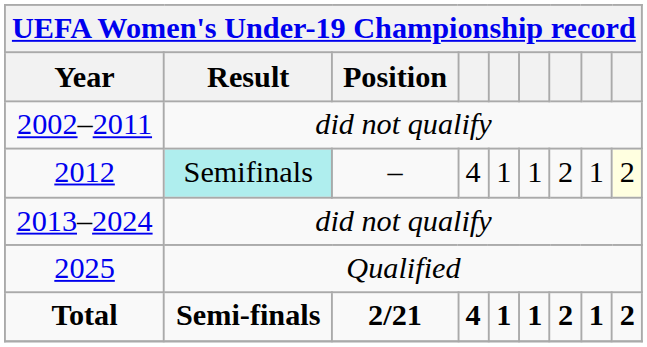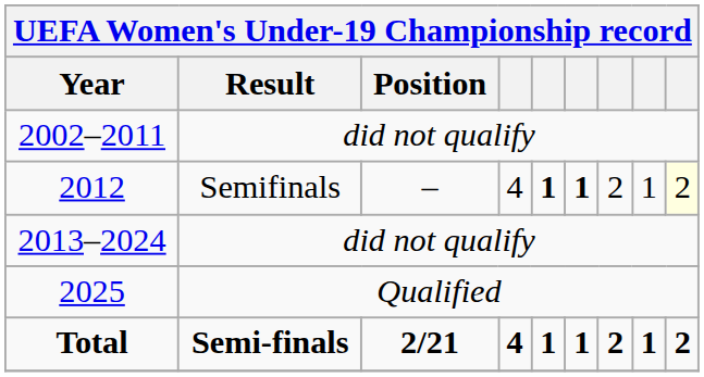 <table class="wikitable" style="text-align: center;">
 <tr>
 <th colspan="10"><a href='#'>UEFA Women's Under-19 Championship record</a></th>
 </tr>
 <tr>
 <th>Year</th>
 <th>Result</th>
 <th>Position</th>
 <th></th>
 <th></th>
 <th></th>
 <th></th>
 <th></th>
 <th></th>
 </tr>
 <tr>
 <td><a href='#'>2002</a>–<a href='#'>2011</a></td>
 <td colspan=8><em>did not qualify</em></td>
 </tr>
 <tr>
 <td> <a href='#'>2012</a></td>
-<td style="background: paleturquoise;">Semifinals</td>
+<td>Semifinals</td>
 <td>–</td>
 <td>4</td>
-<td>1</td>
-<td>1</td>
+<td><strong>1</strong></td>
+<td><strong>1</strong></td>
 <td>2</td>
 <td>1</td>
 <td style="background: lightyellow;">2</td>
 </tr>
 <tr>
 <td><a href='#'>2013</a>–<a href='#'>2024</a></td>
 <td colspan=8><em>did not qualify</em></td>
 </tr>
 <tr>
 <td> <a href='#'>2025</a></td>
 <td rowspan=1 colspan=8><em>Qualified</em></td>
 </tr>
 <tr>
 <td><strong>Total</strong></td>
 <td><strong>Semi-finals</strong></td>
 <td><strong>2/21</strong></td>
 <td><strong>4</strong></td>
 <td><strong>1</strong></td>
 <td><strong>1</strong></td>
 <td><strong>2</strong></td>
 <td><strong>1</strong></td>
 <td><strong>2</strong></td>
 </tr>
 <tr>
 </tr>
 </table>
